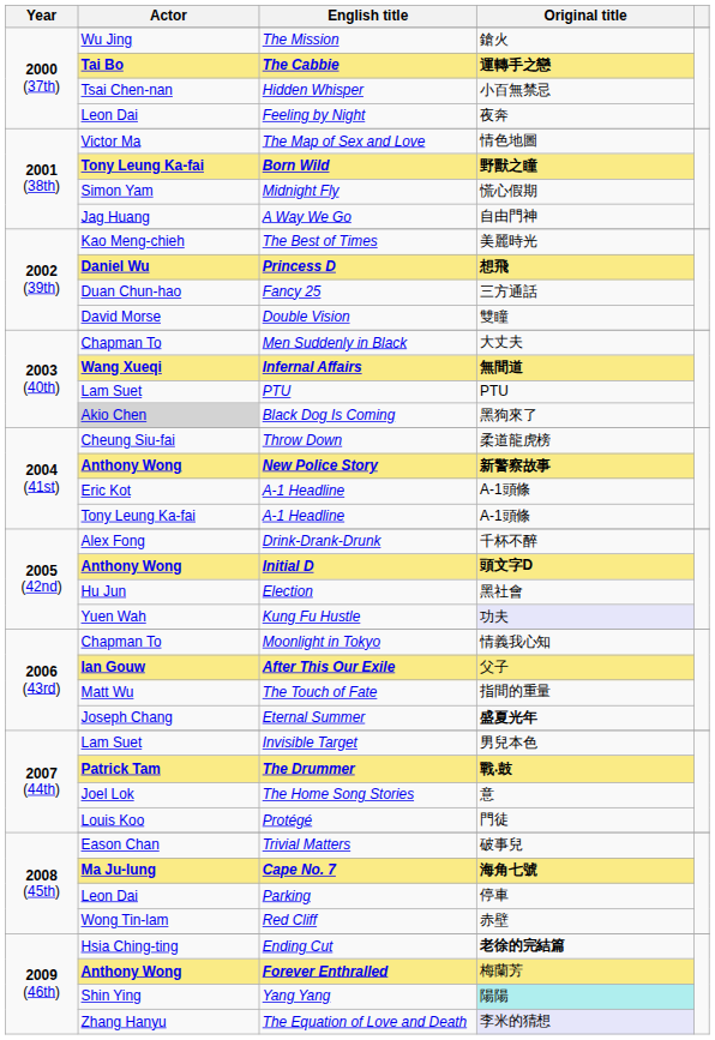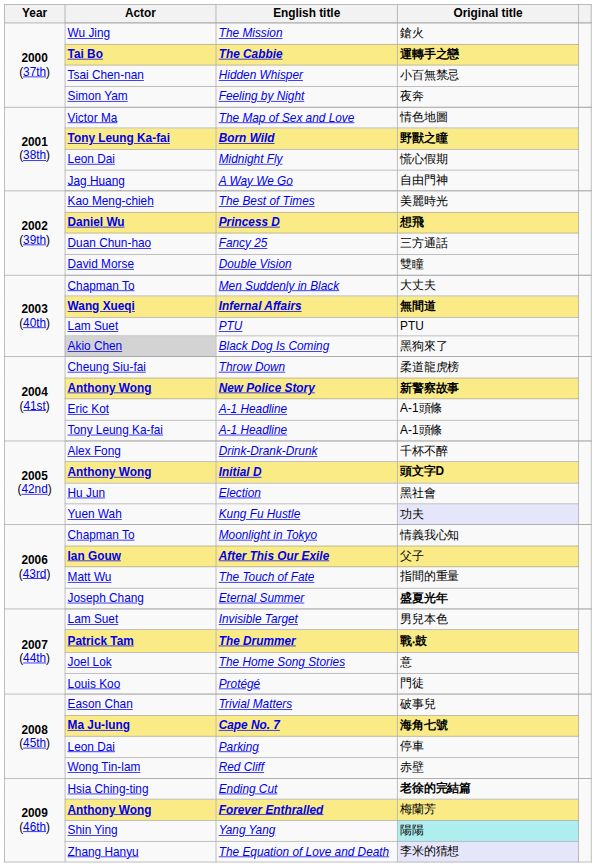 <table class="wikitable">
 <tr style="background:#bebebe;">
 <th style="width:10%;">Year</th>
 <th style="width:25%;">Actor</th>
 <th style="width:30%;">English title</th>
 <th style="width:30%;">Original title</th>
 <th style="width:2%;"></th>
 </tr>
 <tr>
 <td rowspan="5" style="text-align:center"><strong>2000</strong><br>(<a href='#'>37th</a>)</td>
 </tr>
 <tr>
 <td><a href='#'>Wu Jing</a></td>
 <td><em><a href='#'>The Mission</a></em></td>
 <td>鎗火</td>
 <td rowspan=4></td>
 </tr>
 <tr style="background:#FAEB86">
 <td><strong><a href='#'>Tai Bo</a></strong></td>
 <td><strong><em><a href='#'>The Cabbie</a></em></strong></td>
 <td><strong>運轉手之戀</strong></td>
 </tr>
 <tr>
 <td><a href='#'>Tsai Chen-nan</a></td>
 <td><em><a href='#'>Hidden Whisper</a></em></td>
 <td>小百無禁忌</td>
 </tr>
 <tr>
-<td><a href='#'>Leon Dai</a></td>
+<td><a href='#'>Simon Yam</a></td>
 <td><em><a href='#'>Feeling by Night</a></em></td>
 <td>夜奔</td>
 </tr>
 <tr>
 <td rowspan="5" style="text-align:center"><strong>2001</strong><br>(<a href='#'>38th</a>)</td>
 </tr>
 <tr>
 <td><a href='#'>Victor Ma</a></td>
 <td><em><a href='#'>The Map of Sex and Love</a></em></td>
 <td>情色地圖</td>
 <td rowspan=4></td>
 </tr>
 <tr style="background:#FAEB86">
 <td><strong><a href='#'>Tony Leung Ka-fai</a></strong></td>
 <td><strong><em><a href='#'>Born Wild</a></em></strong></td>
 <td><strong>野獸之瞳</strong></td>
 </tr>
 <tr>
-<td><a href='#'>Simon Yam</a></td>
+<td><a href='#'>Leon Dai</a></td>
 <td><em><a href='#'>Midnight Fly</a></em></td>
 <td>慌心假期</td>
 </tr>
 <tr>
 <td><a href='#'>Jag Huang</a></td>
 <td><em><a href='#'>A Way We Go</a></em></td>
 <td>自由門神</td>
 </tr>
 <tr>
 <td rowspan="5" style="text-align:center"><strong>2002</strong><br>(<a href='#'>39th</a>)</td>
 </tr>
 <tr>
 <td><a href='#'>Kao Meng-chieh</a></td>
 <td><em><a href='#'>The Best of Times</a></em></td>
 <td>美麗時光</td>
 <td rowspan=4></td>
 </tr>
 <tr style="background:#FAEB86">
 <td><strong><a href='#'>Daniel Wu</a></strong></td>
 <td><strong><em><a href='#'>Princess D</a></em></strong></td>
 <td><strong>想飛</strong></td>
 </tr>
 <tr>
 <td><a href='#'>Duan Chun-hao</a></td>
 <td><em><a href='#'>Fancy 25</a></em></td>
 <td>三方通話</td>
 </tr>
 <tr>
 <td><a href='#'>David Morse</a></td>
 <td><em><a href='#'>Double Vision</a></em></td>
 <td>雙瞳</td>
 </tr>
 <tr>
 <td rowspan="5" style="text-align:center"><strong>2003</strong><br>(<a href='#'>40th</a>)</td>
 </tr>
 <tr>
 <td><a href='#'>Chapman To</a></td>
 <td><em><a href='#'>Men Suddenly in Black</a></em></td>
 <td>大丈夫</td>
 <td rowspan=4></td>
 </tr>
 <tr style="background:#FAEB86">
 <td><strong><a href='#'>Wang Xueqi</a></strong></td>
 <td><strong><em><a href='#'>Infernal Affairs</a></em></strong></td>
 <td><strong>無間道</strong></td>
 </tr>
 <tr>
 <td><a href='#'>Lam Suet</a></td>
 <td><em><a href='#'>PTU</a></em></td>
 <td>PTU</td>
 </tr>
 <tr>
 <td style="background: lightgrey;"><a href='#'>Akio Chen</a></td>
 <td><em><a href='#'>Black Dog Is Coming</a></em></td>
 <td>黑狗來了</td>
 </tr>
 <tr>
 <td rowspan="5" style="text-align:center"><strong>2004</strong><br>(<a href='#'>41st</a>)</td>
 </tr>
 <tr>
 <td><a href='#'>Cheung Siu-fai</a></td>
 <td><em><a href='#'>Throw Down</a></em></td>
 <td>柔道龍虎榜</td>
 <td rowspan=4></td>
 </tr>
 <tr style="background:#FAEB86">
 <td><strong><a href='#'>Anthony Wong</a></strong></td>
 <td><strong><em><a href='#'>New Police Story</a></em></strong></td>
 <td><strong>新警察故事</strong></td>
 </tr>
 <tr>
 <td><a href='#'>Eric Kot</a></td>
 <td><em><a href='#'>A-1 Headline</a></em></td>
 <td>A-1頭條</td>
 </tr>
 <tr>
 <td><a href='#'>Tony Leung Ka-fai</a></td>
 <td><em><a href='#'>A-1 Headline</a></em></td>
 <td>A-1頭條</td>
 </tr>
 <tr>
 <td rowspan="5" style="text-align:center"><strong>2005</strong><br>(<a href='#'>42nd</a>)</td>
 </tr>
 <tr>
 <td><a href='#'>Alex Fong</a></td>
 <td><em><a href='#'>Drink-Drank-Drunk</a></em></td>
 <td>千杯不醉</td>
 <td rowspan=4></td>
 </tr>
 <tr style="background:#FAEB86">
 <td><strong><a href='#'>Anthony Wong</a></strong></td>
 <td><strong><em><a href='#'>Initial D</a></em></strong></td>
 <td><strong>頭文字D</strong></td>
 </tr>
 <tr>
 <td><a href='#'>Hu Jun</a></td>
 <td><em><a href='#'>Election</a></em></td>
 <td>黑社會</td>
 </tr>
 <tr>
 <td><a href='#'>Yuen Wah</a></td>
 <td><em><a href='#'>Kung Fu Hustle</a></em></td>
 <td style="background: lavender;">功夫</td>
 </tr>
 <tr>
 <td rowspan="5" style="text-align:center"><strong>2006</strong><br>(<a href='#'>43rd</a>)</td>
 </tr>
 <tr>
 <td><a href='#'>Chapman To</a></td>
 <td><em><a href='#'>Moonlight in Tokyo</a></em></td>
 <td>情義我心知</td>
 <td rowspan=4></td>
 </tr>
 <tr style="background:#FAEB86">
 <td><strong><a href='#'>Ian Gouw</a></strong></td>
 <td><strong><em><a href='#'>After This Our Exile</a></em></strong></td>
 <td>父子</td>
 </tr>
 <tr>
 <td><a href='#'>Matt Wu</a></td>
 <td><em><a href='#'>The Touch of Fate</a></em></td>
 <td>指間的重量</td>
 </tr>
 <tr>
 <td><a href='#'>Joseph Chang</a></td>
 <td><em><a href='#'>Eternal Summer</a></em></td>
 <td><strong>盛夏光年</strong></td>
 </tr>
 <tr>
 <td rowspan="5" style="text-align:center"><strong>2007</strong><br>(<a href='#'>44th</a>)</td>
 </tr>
 <tr>
 <td><a href='#'>Lam Suet</a></td>
 <td><em><a href='#'>Invisible Target</a></em></td>
 <td>男兒本色</td>
 <td rowspan=4></td>
 </tr>
 <tr style="background:#FAEB86">
 <td><strong><a href='#'>Patrick Tam</a></strong></td>
 <td><strong><em><a href='#'>The Drummer</a></em></strong></td>
 <td><strong>戰‧鼓</strong></td>
 </tr>
 <tr>
 <td><a href='#'>Joel Lok</a></td>
 <td><em><a href='#'>The Home Song Stories</a></em></td>
 <td>意</td>
 </tr>
 <tr>
 <td><a href='#'>Louis Koo</a></td>
 <td><em><a href='#'>Protégé</a></em></td>
 <td>門徒</td>
 </tr>
 <tr>
 <td rowspan="5" style="text-align:center"><strong>2008</strong><br>(<a href='#'>45th</a>)</td>
 </tr>
 <tr>
 <td><a href='#'>Eason Chan</a></td>
 <td><em><a href='#'>Trivial Matters</a></em></td>
 <td>破事兒</td>
 <td rowspan=4></td>
 </tr>
 <tr style="background:#FAEB86">
 <td><strong><a href='#'>Ma Ju-lung</a></strong></td>
 <td><strong><em><a href='#'>Cape No. 7</a></em></strong></td>
 <td><strong>海角七號</strong></td>
 </tr>
 <tr>
 <td><a href='#'>Leon Dai</a></td>
 <td><em><a href='#'>Parking</a></em></td>
 <td>停車</td>
 </tr>
 <tr>
 <td><a href='#'>Wong Tin-lam</a></td>
 <td><em><a href='#'>Red Cliff</a></em></td>
 <td>赤壁</td>
 </tr>
 <tr>
 <td rowspan="5" style="text-align:center"><strong>2009</strong><br>(<a href='#'>46th</a>)</td>
 </tr>
 <tr>
 <td><a href='#'>Hsia Ching-ting</a></td>
 <td><em><a href='#'>Ending Cut</a></em></td>
 <td><strong>老徐的完結篇</strong></td>
 <td rowspan=4></td>
 </tr>
 <tr style="background:#FAEB86">
 <td><strong><a href='#'>Anthony Wong</a></strong></td>
 <td><strong><em><a href='#'>Forever Enthralled</a></em></strong></td>
 <td>梅蘭芳</td>
 </tr>
 <tr>
 <td><a href='#'>Shin Ying</a></td>
 <td><em><a href='#'>Yang Yang</a></em></td>
 <td style="background: paleturquoise;">陽陽</td>
 </tr>
 <tr>
 <td><a href='#'>Zhang Hanyu</a></td>
 <td><em><a href='#'>The Equation of Love and Death</a></em></td>
 <td style="background: lavender;">李米的猜想</td>
 </tr>
 </table>
